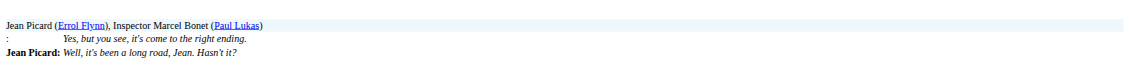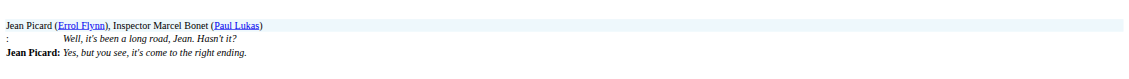 <table valign="top"; border="0" cellpadding="1" style="color: black; background-color: #FFFFFF;">
 <tr valign="top">
 <td colspan=2><br></td>
 </tr>
 <tr valign="top">
 <td colspan=2 style="background:#EEF8FC"> Jean Picard (<a href='#'>Errol Flynn</a>), Inspector Marcel Bonet (<a href='#'>Paul Lukas</a>)</td>
 </tr>
 <tr valign="top">
 <td width="5%" style="text-align:left">:</td>
-<td width="95%" style="text-align:left"><em>Yes, but you see, it's come to the right ending.</em></td>
+<td width="95%" style="text-align:left"><em>Well, it's been a long road, Jean. Hasn't it?</em></td>
 </tr>
 <tr valign="top">
 <td width="5%" style="text-align:left"><strong>Jean Picard:</strong></td>
-<td width="95%" style="text-align:left"><em>Well, it's been a long road, Jean. Hasn't it?</em></td>
+<td width="95%" style="text-align:left"><em>Yes, but you see, it's come to the right ending.</em></td>
 </tr>
 <tr valign="top">
 <td colspan=2><br></td>
 </tr>
 </table>
